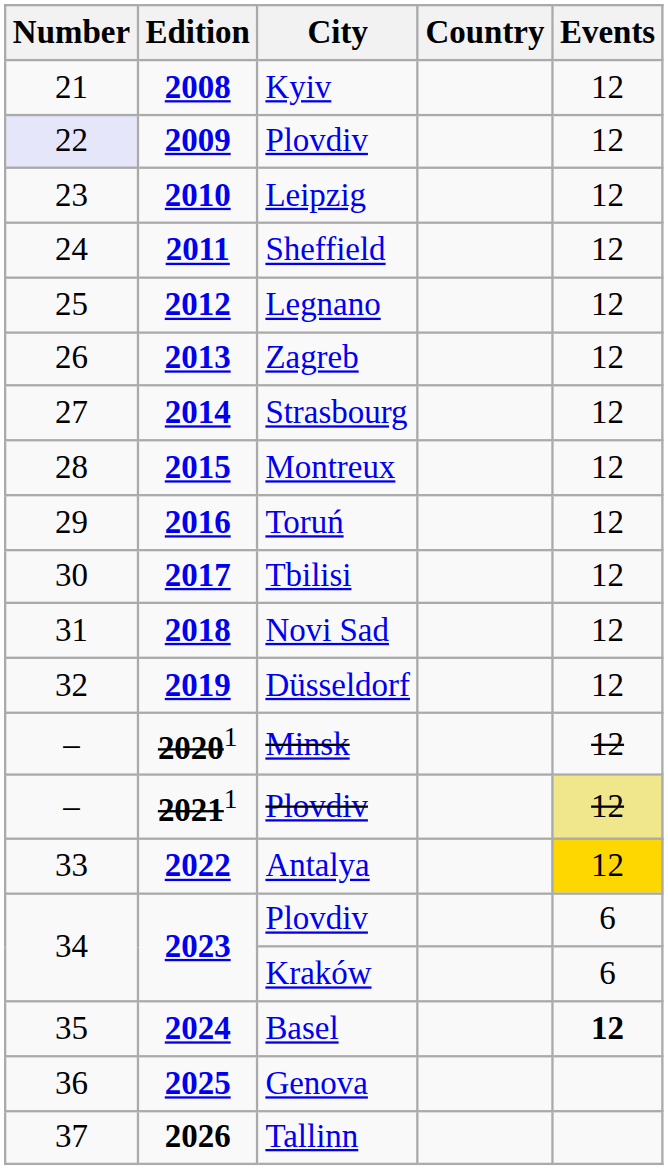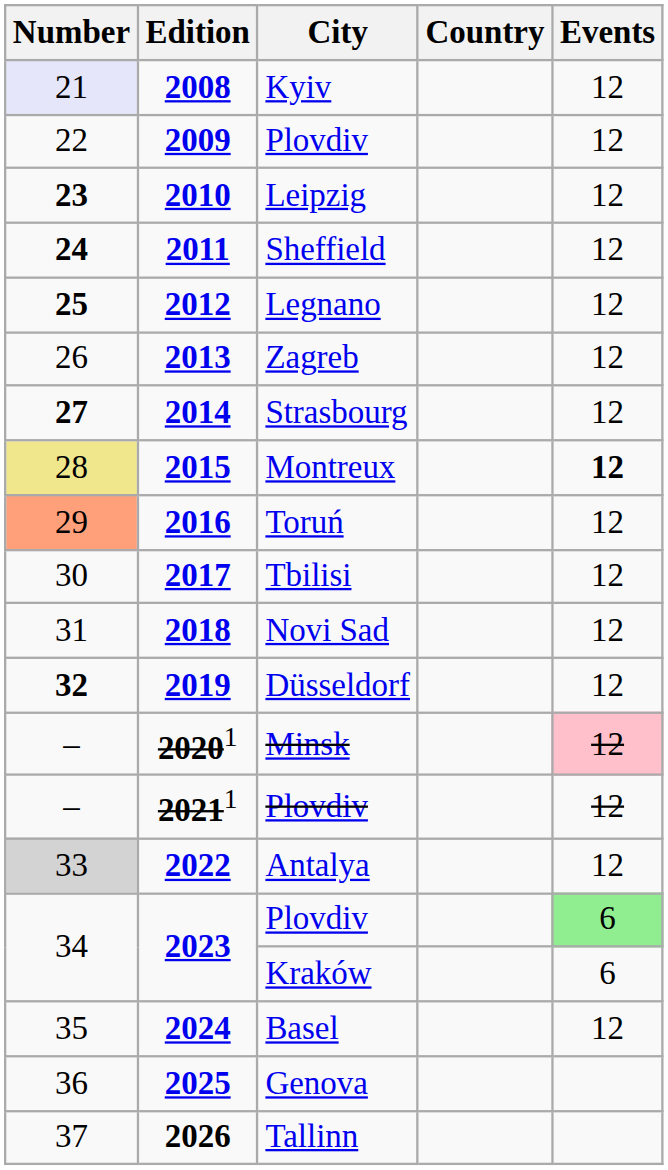 <table class="wikitable" style="font-size:90%">
 <tr>
 <th scope=col>Number</th>
 <th scope=col>Edition</th>
 <th scope=col>City</th>
 <th scope=col>Country</th>
 <th scope=col>Events</th>
 </tr>
 <tr>
-<td align=center>21</td>
+<td align=center style="background: lavender;">21</td>
 <td align=center><strong><a href='#'>2008</a></strong></td>
 <td><a href='#'>Kyiv</a></td>
 <td></td>
 <td align=center>12</td>
 </tr>
 <tr>
-<td align=center style="background: lavender;">22</td>
+<td align=center>22</td>
 <td align=center><strong><a href='#'>2009</a></strong></td>
 <td><a href='#'>Plovdiv</a></td>
 <td></td>
 <td align=center>12</td>
 </tr>
 <tr>
-<td align=center>23</td>
+<td align=center><strong>23</strong></td>
 <td align=center><strong><a href='#'>2010</a></strong></td>
 <td><a href='#'>Leipzig</a></td>
 <td></td>
 <td align=center>12</td>
 </tr>
 <tr>
-<td align=center>24</td>
+<td align=center><strong>24</strong></td>
 <td align=center><strong><a href='#'>2011</a></strong></td>
 <td><a href='#'>Sheffield</a></td>
 <td></td>
 <td align=center>12</td>
 </tr>
 <tr>
-<td align=center>25</td>
+<td align=center><strong>25</strong></td>
 <td align=center><strong><a href='#'>2012</a></strong></td>
 <td><a href='#'>Legnano</a></td>
 <td></td>
 <td align=center>12</td>
 </tr>
 <tr>
 <td align=center>26</td>
 <td align=center><strong><a href='#'>2013</a></strong></td>
 <td><a href='#'>Zagreb</a></td>
 <td></td>
 <td align=center>12</td>
 </tr>
 <tr>
-<td align=center>27</td>
+<td align=center><strong>27</strong></td>
 <td align=center><strong><a href='#'>2014</a></strong></td>
 <td><a href='#'>Strasbourg</a></td>
 <td></td>
 <td align=center>12</td>
 </tr>
 <tr>
-<td align=center>28</td>
+<td align=center style="background: khaki;">28</td>
 <td align=center><strong><a href='#'>2015</a></strong></td>
 <td><a href='#'>Montreux</a></td>
 <td></td>
-<td align=center>12</td>
+<td align=center><strong>12</strong></td>
 </tr>
 <tr>
-<td align=center>29</td>
+<td align=center style="background: lightsalmon;">29</td>
 <td align=center><strong><a href='#'>2016</a></strong></td>
 <td><a href='#'>Toruń</a></td>
 <td></td>
 <td align=center>12</td>
 </tr>
 <tr>
 <td align=center>30</td>
 <td align=center><strong><a href='#'>2017</a></strong></td>
 <td><a href='#'>Tbilisi</a></td>
 <td></td>
 <td align=center>12</td>
 </tr>
 <tr>
 <td align=center>31</td>
 <td align=center><strong><a href='#'>2018</a></strong></td>
 <td><a href='#'>Novi Sad</a></td>
 <td></td>
 <td align=center>12</td>
 </tr>
 <tr>
-<td align=center>32</td>
+<td align=center><strong>32</strong></td>
 <td align=center><strong><a href='#'>2019</a></strong></td>
 <td><a href='#'>Düsseldorf</a></td>
 <td></td>
 <td align=center>12</td>
 </tr>
 <tr>
 <td align=center>–</td>
 <td align=center><s><strong>2020</strong></s><sup>1</sup></td>
 <td><s><a href='#'>Minsk</a></s></td>
 <td><s></s></td>
-<td align=center><s>12</s></td>
+<td align=center style="background: pink;"><s>12</s></td>
 </tr>
 <tr>
 <td align=center>–</td>
 <td align=center><s><strong>2021</strong></s><sup>1</sup></td>
 <td><s><a href='#'>Plovdiv</a></s></td>
 <td><s></s></td>
-<td align=center style="background: khaki;"><s>12</s></td>
+<td align=center><s>12</s></td>
 </tr>
 <tr>
-<td align=center>33</td>
+<td align=center style="background: lightgrey;">33</td>
 <td align=center><strong><a href='#'>2022</a></strong></td>
 <td><a href='#'>Antalya</a></td>
 <td></td>
-<td align=center style="background: gold;">12</td>
+<td align=center>12</td>
 </tr>
 <tr>
 <td rowspan=2; align=center>34</td>
 <td rowspan=2; align=center><strong><a href='#'>2023</a></strong></td>
 <td><a href='#'>Plovdiv</a></td>
 <td></td>
-<td align=center>6</td>
+<td align=center style="background: lightgreen;">6</td>
 </tr>
 <tr>
 <td><a href='#'>Kraków</a></td>
 <td></td>
 <td align=center>6</td>
 </tr>
 <tr>
 <td align=center>35</td>
 <td align=center><strong><a href='#'>2024</a></strong></td>
 <td><a href='#'>Basel</a></td>
 <td></td>
-<td align=center><strong>12</strong></td>
+<td align=center>12</td>
 </tr>
 <tr>
 <td align=center>36</td>
 <td align=center><strong><a href='#'>2025</a></strong></td>
 <td><a href='#'>Genova</a></td>
 <td></td>
 <td align=center></td>
 </tr>
 <tr>
 <td align=center>37</td>
 <td align=center><strong>2026</strong></td>
 <td><a href='#'>Tallinn</a></td>
 <td></td>
 <td align=center></td>
 </tr>
 </table>
